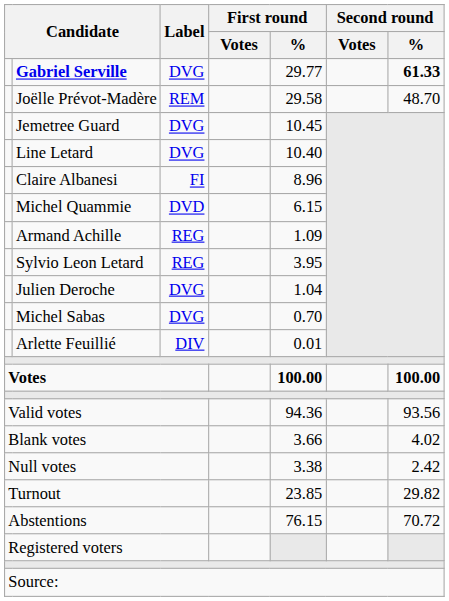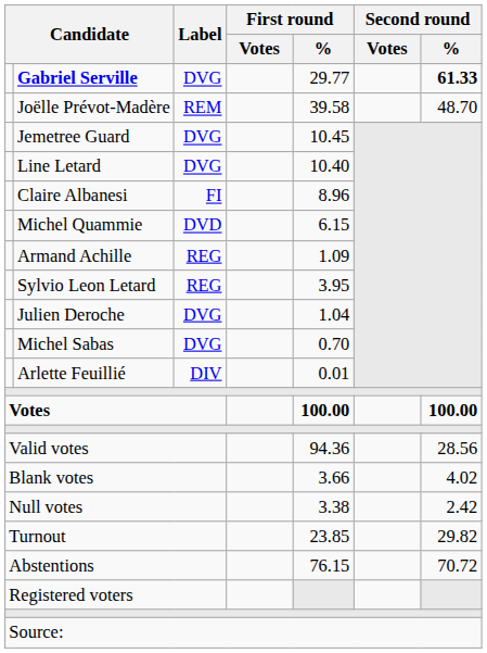 <table class="wikitable" style="text-align:right;font-size:95%;">
 <tr>
 <th colspan="2" rowspan="2">Candidate</th>
 <th rowspan="2">Label</th>
 <th colspan="2">First round</th>
 <th colspan="2">Second round</th>
 </tr>
 <tr>
 <th style="width:50px;">Votes</th>
 <th style="width:45px;">%</th>
 <th style="width:50px;">Votes</th>
 <th style="width:45px;">%</th>
 </tr>
 <tr>
 <td style="color:inherit;background:"></td>
 <td style="text-align:left;"><strong><a href='#'>Gabriel Serville</a></strong></td>
 <td><a href='#'>DVG</a></td>
 <td></td>
 <td>29.77</td>
 <td><strong></strong></td>
 <td><strong>61.33</strong></td>
 </tr>
 <tr>
 <td style="color:inherit;background:"></td>
 <td style="text-align:left;">Joëlle Prévot-Madère</td>
 <td><a href='#'>REM</a></td>
 <td></td>
-<td>29.58</td>
+<td>39.58</td>
 <td></td>
 <td>48.70</td>
 </tr>
 <tr>
 <td style="color:inherit;background:"></td>
 <td style="text-align:left;">Jemetree Guard</td>
 <td><a href='#'>DVG</a></td>
 <td></td>
 <td>10.45</td>
 <td colspan="2" rowspan="9" style="background:#E9E9E9;"></td>
 </tr>
 <tr>
 <td style="color:inherit;background:"></td>
 <td style="text-align:left;">Line Letard</td>
 <td><a href='#'>DVG</a></td>
 <td></td>
 <td>10.40</td>
 </tr>
 <tr>
 <td style="color:inherit;background:"></td>
 <td style="text-align:left;">Claire Albanesi</td>
 <td><a href='#'>FI</a></td>
 <td></td>
 <td>8.96</td>
 </tr>
 <tr>
 <td style="color:inherit;background:"></td>
 <td style="text-align:left;">Michel Quammie</td>
 <td><a href='#'>DVD</a></td>
 <td></td>
 <td>6.15</td>
 </tr>
 <tr>
 <td style="color:inherit;background:"></td>
 <td style="text-align:left;">Armand Achille</td>
 <td><a href='#'>REG</a></td>
 <td></td>
 <td>1.09</td>
 </tr>
 <tr>
 <td style="color:inherit;background:"></td>
 <td style="text-align:left;">Sylvio Leon Letard</td>
 <td><a href='#'>REG</a></td>
 <td></td>
 <td>3.95</td>
 </tr>
 <tr>
 <td style="color:inherit;background:"></td>
 <td style="text-align:left;">Julien Deroche</td>
 <td><a href='#'>DVG</a></td>
 <td></td>
 <td>1.04</td>
 </tr>
 <tr>
 <td style="color:inherit;background:"></td>
 <td style="text-align:left;">Michel Sabas</td>
 <td><a href='#'>DVG</a></td>
 <td></td>
 <td>0.70</td>
 </tr>
 <tr>
 <td style="color:inherit;background:"></td>
 <td style="text-align:left;">Arlette Feuillié</td>
 <td><a href='#'>DIV</a></td>
 <td></td>
 <td>0.01</td>
 </tr>
 <tr>
 <td colspan="7" style="background:#E9E9E9;"></td>
 </tr>
 <tr style="font-weight:bold;">
 <td colspan="3" style="text-align:left;">Votes</td>
 <td></td>
 <td>100.00</td>
 <td></td>
 <td>100.00</td>
 </tr>
 <tr>
 <td colspan="7" style="background:#E9E9E9;"></td>
 </tr>
 <tr>
 <td colspan="3" style="text-align:left;">Valid votes</td>
 <td></td>
 <td>94.36</td>
 <td></td>
-<td>93.56</td>
+<td>28.56</td>
 </tr>
 <tr>
 <td colspan="3" style="text-align:left;">Blank votes</td>
 <td></td>
 <td>3.66</td>
 <td></td>
 <td>4.02</td>
 </tr>
 <tr>
 <td colspan="3" style="text-align:left;">Null votes</td>
 <td></td>
 <td>3.38</td>
 <td></td>
 <td>2.42</td>
 </tr>
 <tr>
 <td colspan="3" style="text-align:left;">Turnout</td>
 <td></td>
 <td>23.85</td>
 <td></td>
 <td>29.82</td>
 </tr>
 <tr>
 <td colspan="3" style="text-align:left;">Abstentions</td>
 <td></td>
 <td>76.15</td>
 <td></td>
 <td>70.72</td>
 </tr>
 <tr>
 <td colspan="3" style="text-align:left;">Registered voters</td>
 <td></td>
 <td style="background:#E9E9E9;"></td>
 <td></td>
 <td style="background:#E9E9E9;"></td>
 </tr>
 <tr>
 <td colspan="7" style="background:#E9E9E9;"></td>
 </tr>
 <tr>
 <td colspan="7" style="text-align:left;">Source: </td>
 </tr>
 </table>
